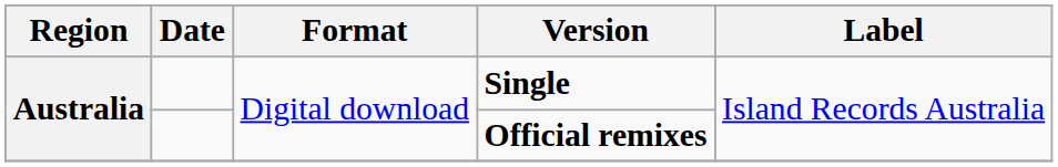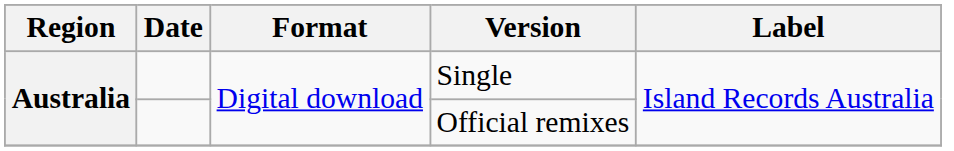 <table class="wikitable plainrowheaders">
 <tr>
 <th scope="col">Region</th>
 <th scope="col">Date</th>
 <th scope="col">Format</th>
 <th scope="col">Version</th>
 <th scope="col">Label</th>
 </tr>
 <tr>
 <th scope="row" rowspan="2">Australia</th>
 <td rowspan="1"></td>
 <td rowspan="2"><a href='#'>Digital download</a></td>
-<td rowspan="1"><strong>Single</strong></td>
+<td rowspan="1">Single</td>
 <td rowspan="2"><a href='#'>Island Records Australia</a></td>
 </tr>
 <tr>
 <td rowspan="1"></td>
-<td rowspan="1"><strong>Official remixes</strong></td>
+<td rowspan="1">Official remixes</td>
 </tr>
 <tr>
 </tr>
 </table>
